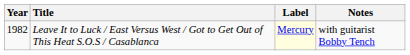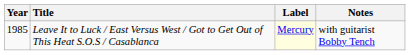 <table class="wikitable">
 <tr>
 <th style="text-align:left; vertical-align:top;">Year</th>
 <th style="text-align:left; vertical-align:top;">Title<br></th>
 <th style="text-align:center; vertical-align:top;">Label</th>
 <th style="text-align:center; vertical-align:top;">Notes</th>
 </tr>
 <tr>
-<td style="text-align:left; vertical-align:top;">1982</td>
+<td style="text-align:left; vertical-align:top;">1985</td>
 <td style="text-align:left; vertical-align:top;"><em>Leave It to Luck / East Versus West / Got to Get Out of This Heat S.O.S / Casablanca </em><br></td>
 <td style="background: lightyellow; text-align:left; vertical-align:top;"><a href='#'>Mercury</a></td>
 <td style="text-align:left; vertical-align:top;">with guitarist <a href='#'>Bobby Tench</a></td>
 </tr>
 </table>
